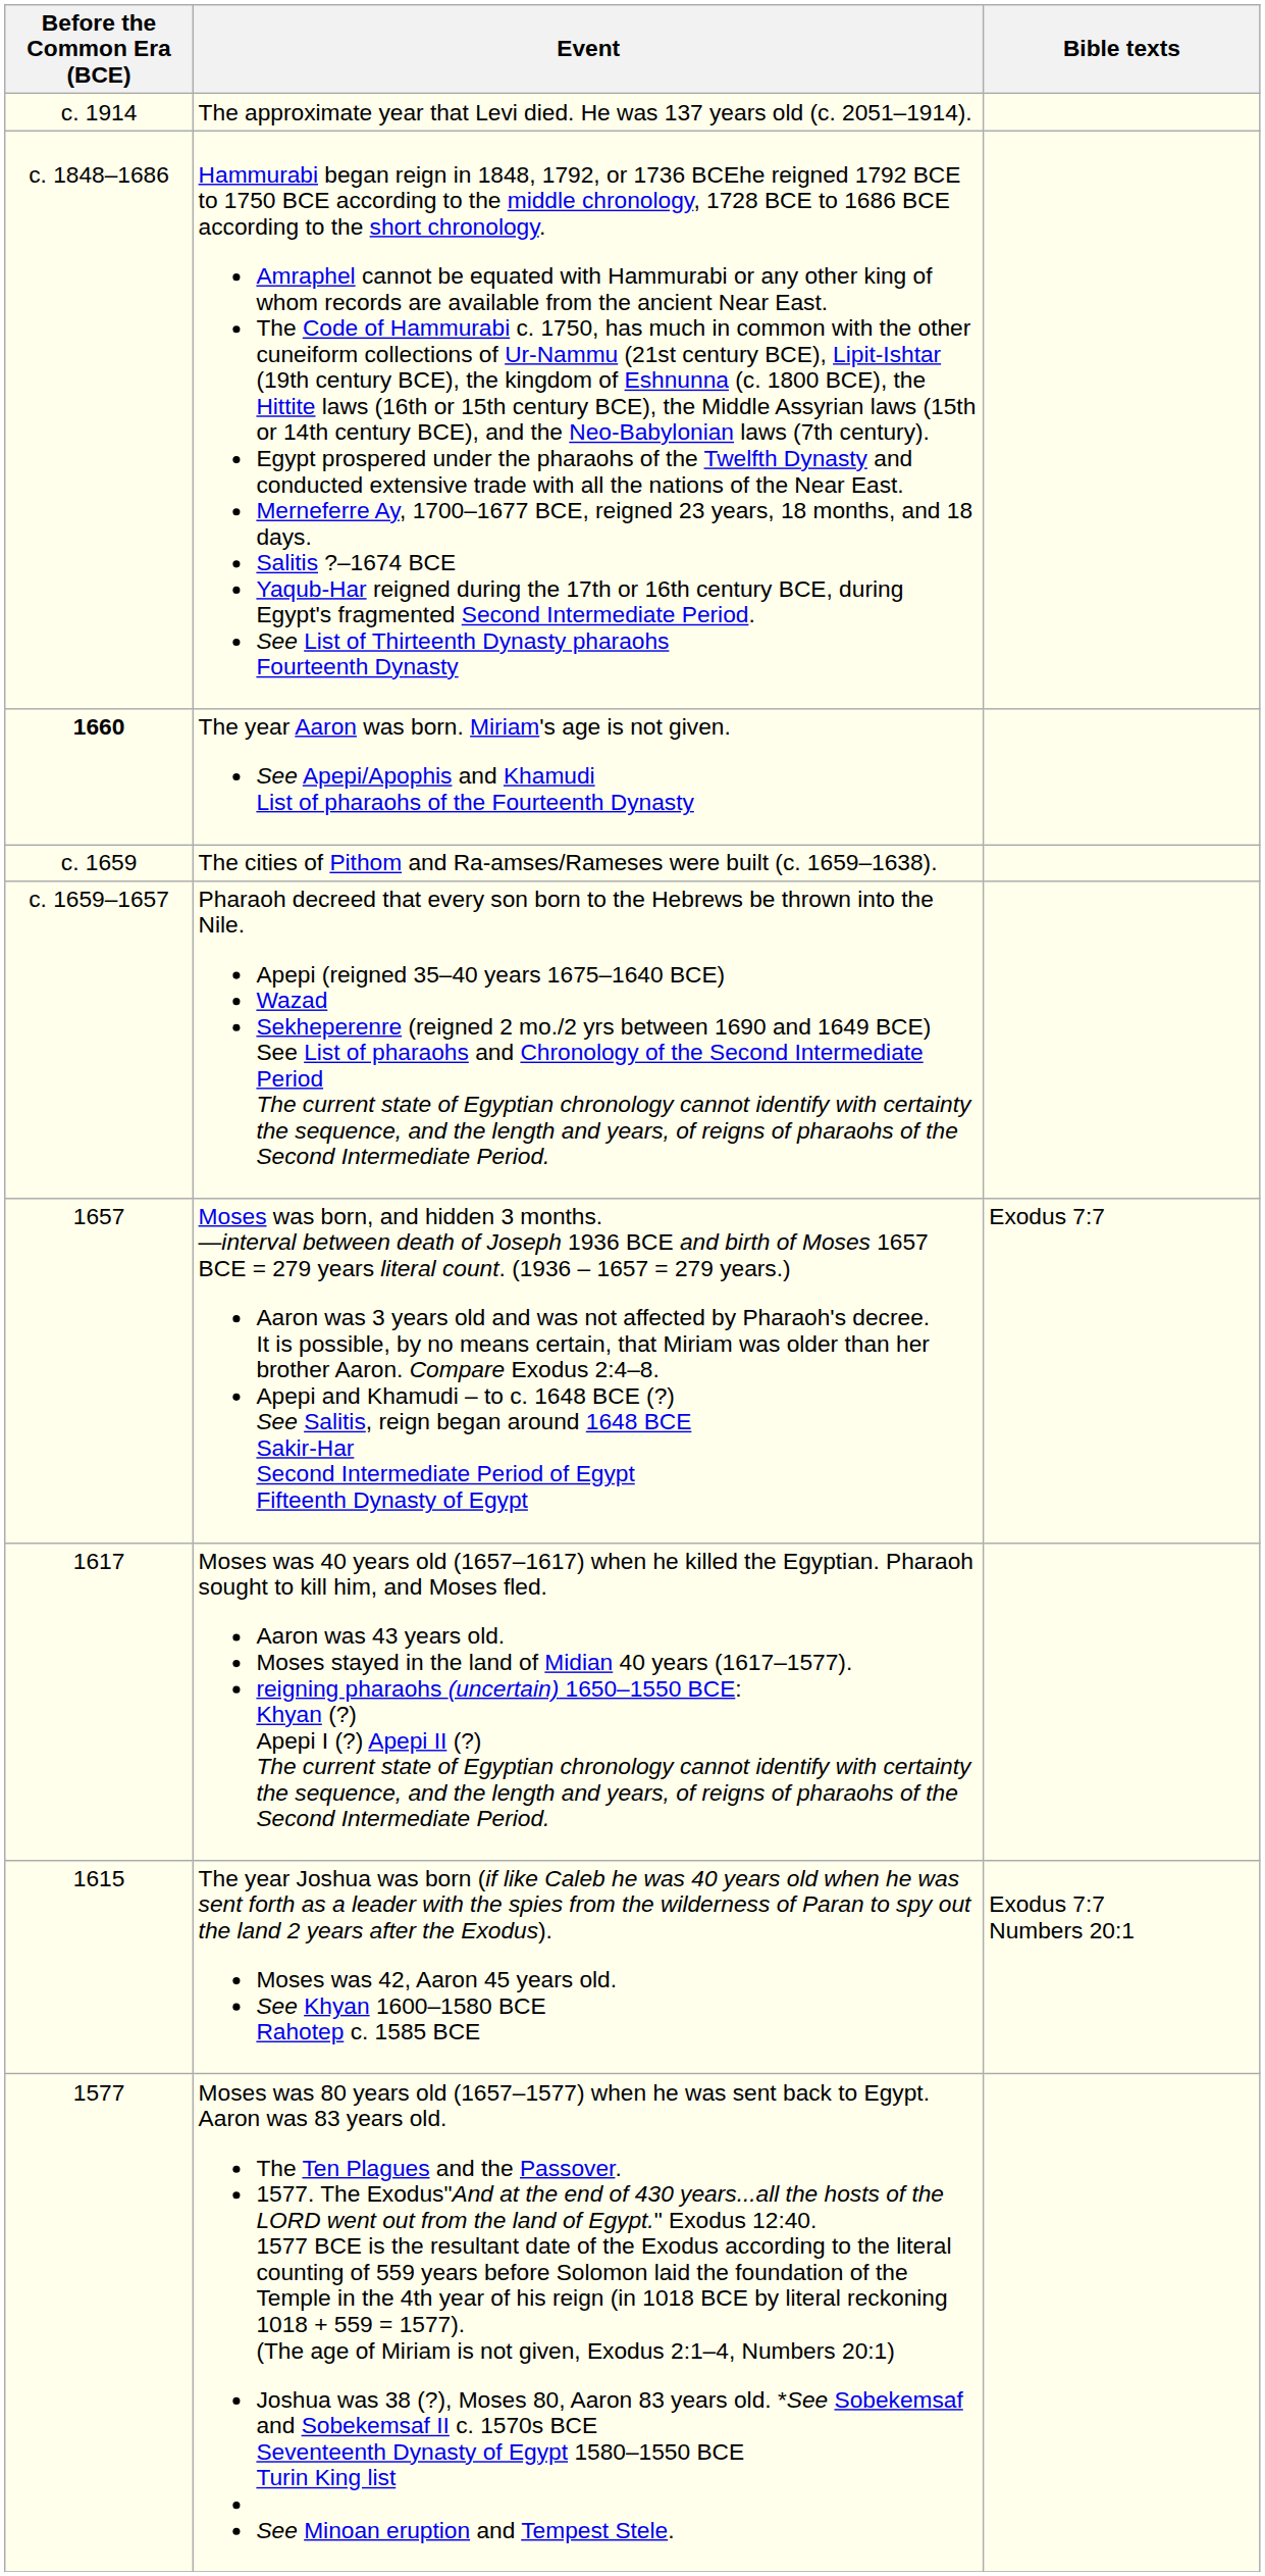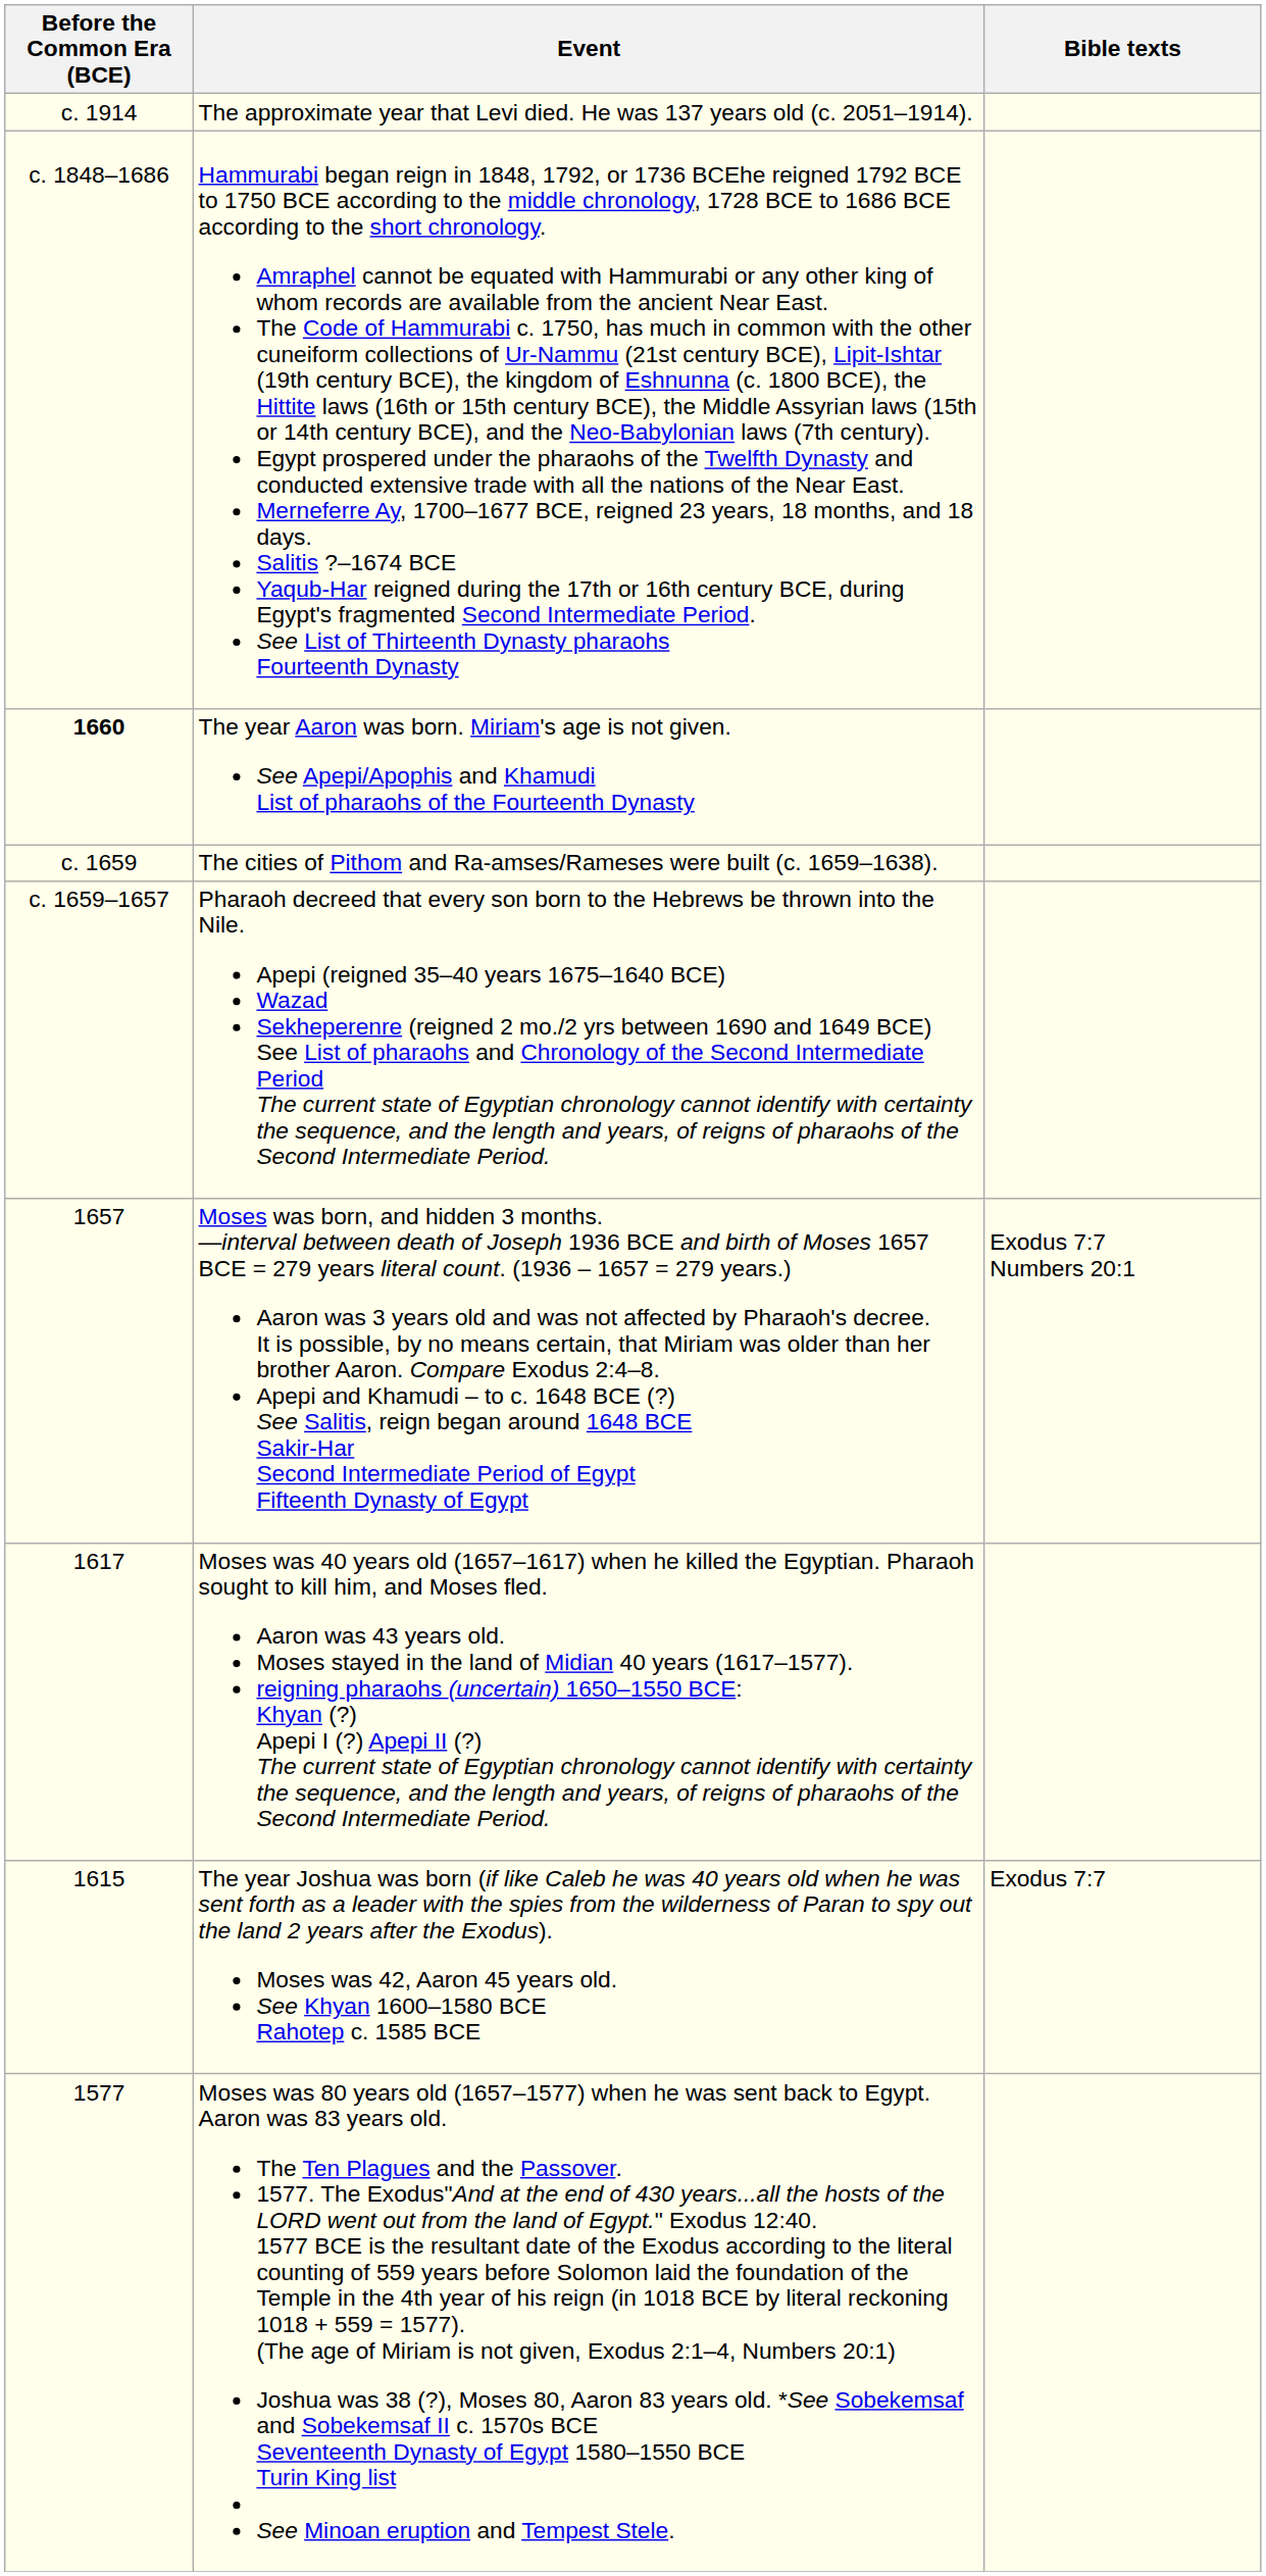 <table class="wikitable" style="align:center;">
 <tr>
 <th style="width:15%;">Before the Common Era<br>(BCE)</th>
 <th style="width:63%;">Event</th>
 <th style="width:22%;">Bible texts</th>
 </tr>
 <tr style="text-align:left; background:#ffffec; vertical-align:top;">
 <td style="text-align:center;">c. 1914</td>
 <td>The approximate year that Levi died. He was 137 years old (c. 2051–1914).</td>
 <td></td>
 </tr>
 <tr style="text-align:left; background:#ffffec; vertical-align:top;">
 <td style="text-align:center;"> <br> c. 1848–1686</td>
 <td> <br><a href='#'>Hammurabi</a> began reign in 1848, 1792, or 1736 BCEhe reigned 1792 BCE to 1750 BCE according to the <a href='#'>middle chronology</a>, 1728 BCE to 1686 BCE according to the <a href='#'>short chronology</a>.<br><ul><li><a href='#'>Amraphel</a> cannot be equated with Hammurabi or any other king of whom records are available from the ancient Near East.</li><li>The <a href='#'>Code of Hammurabi</a> c. 1750, has much in common with the other cuneiform collections of <a href='#'>Ur-Nammu</a> (21st century BCE), <a href='#'>Lipit-Ishtar</a> (19th century BCE), the kingdom of <a href='#'>Eshnunna</a> (c. 1800 BCE), the <a href='#'>Hittite</a> laws (16th or 15th century BCE), the Middle Assyrian laws (15th or 14th century BCE), and the <a href='#'>Neo-Babylonian</a> laws (7th century).</li><li>Egypt prospered under the pharaohs of the <a href='#'>Twelfth Dynasty</a> and conducted extensive trade with all the nations of the Near East.</li><li><a href='#'>Merneferre Ay</a>, 1700–1677 BCE, reigned 23 years, 18 months, and 18 days.</li><li><a href='#'>Salitis</a> ?–1674 BCE</li><li><a href='#'>Yaqub-Har</a> reigned during the 17th or 16th century BCE, during Egypt's fragmented <a href='#'>Second Intermediate Period</a>.</li><li><em>See</em> <a href='#'>List of Thirteenth Dynasty pharaohs</a> <br> <a href='#'>Fourteenth Dynasty</a></li></ul></td>
 <td> <br> </td>
 </tr>
 <tr style="text-align:left; background:#ffffec; vertical-align:top;">
 <td style="text-align:center;"><strong>1660</strong></td>
 <td>The year <a href='#'>Aaron</a> was born. <a href='#'>Miriam</a>'s age is not given.<br><ul><li><em>See</em> <a href='#'>Apepi/Apophis</a> and <a href='#'>Khamudi</a> <br> <a href='#'>List of pharaohs of the Fourteenth Dynasty</a></li></ul></td>
 <td> <br>  <br> </td>
 </tr>
 <tr style="text-align:left; background:#ffffec; vertical-align:top;">
 <td style="text-align:center;">c. 1659</td>
 <td>The cities of <a href='#'>Pithom</a> and Ra-amses/Rameses were built (c. 1659–1638).</td>
 <td></td>
 </tr>
 <tr style="text-align:left; background:#ffffec; vertical-align:top;">
 <td style="text-align:center;">c. 1659–1657 <br> </td>
 <td>Pharaoh decreed that every son born to the Hebrews be thrown into the Nile.<br><ul><li>Apepi (reigned 35–40 years 1675–1640 BCE)</li><li><a href='#'>Wazad</a></li><li><a href='#'>Sekheperenre</a> (reigned 2 mo./2 yrs between 1690 and 1649 BCE) <br> See <a href='#'>List of pharaohs</a> and <a href='#'>Chronology of the Second Intermediate Period</a> <br> <em>The current state of Egyptian chronology cannot identify with certainty the sequence, and the length and years, of reigns of pharaohs of the Second Intermediate Period.</em></li></ul></td>
 <td></td>
 </tr>
 <tr style="text-align:left; background:#ffffec; vertical-align:top;">
 <td style="text-align:center;">1657 <br> </td>
 <td><a href='#'>Moses</a> was born, and hidden 3 months. <br> —<em>interval between death of Joseph</em> 1936 BCE <em>and birth of Moses</em> 1657 BCE = 279 years <em>literal count</em>. (1936 – 1657 = 279 years.)<br><ul><li>Aaron was 3 years old and was not affected by Pharaoh's decree. <br> It is possible, by no means certain, that Miriam was older than her brother Aaron. <em>Compare</em> Exodus 2:4–8.</li><li>Apepi and Khamudi – to c. 1648 BCE (?) <br> <em>See</em> <a href='#'>Salitis</a>, reign began around <a href='#'>1648 BCE</a> <br> <a href='#'>Sakir-Har</a> <br> <a href='#'>Second Intermediate Period of Egypt</a> <br> <a href='#'>Fifteenth Dynasty of Egypt</a></li></ul></td>
-<td>Exodus 7:7 <br>  <br>  <br>  <br> </td>
+<td> <br> Exodus 7:7 <br> Numbers 20:1 <br> </td>
 </tr>
 <tr style="text-align:left; background:#ffffec; vertical-align:top;">
 <td style="text-align:center;">1617 <br> </td>
 <td>Moses was 40 years old (1657–1617) when he killed the Egyptian. Pharaoh sought to kill him, and Moses fled.<br><ul><li>Aaron was 43 years old.</li><li>Moses stayed in the land of <a href='#'>Midian</a> 40 years (1617–1577).</li><li><a href='#'>reigning pharaohs <em>(uncertain)</em> 1650–1550 BCE</a>: <br> <a href='#'>Khyan</a> (?)<br> Apepi I (?) <a href='#'>Apepi II</a> (?) <br><em>The current state of Egyptian chronology cannot identify with certainty the sequence, and the length and years, of reigns of pharaohs of the Second Intermediate Period.</em></li></ul></td>
 <td> <br> </td>
 </tr>
 <tr style="text-align:left; background:#ffffec; vertical-align:top;">
 <td style="text-align:center;">1615</td>
 <td>The year Joshua was born (<em>if like Caleb he was 40 years old when he was sent forth as a leader with the spies from the wilderness of Paran to spy out the land 2 years after the Exodus</em>).<br><ul><li>Moses was 42, Aaron 45 years old.</li><li><em>See</em> <a href='#'>Khyan</a> 1600–1580 BCE <br> <a href='#'>Rahotep</a> c. 1585 BCE</li></ul></td>
-<td> <br> Exodus 7:7 <br> Numbers 20:1 <br> </td>
+<td>Exodus 7:7 <br>  <br>  <br>  <br> </td>
 </tr>
 <tr style="text-align:left; background:#ffffec; vertical-align:top;">
 <td style="text-align:center;">1577 <br> </td>
 <td>Moses was 80 years old (1657–1577) when he was sent back to Egypt. <br> Aaron was 83 years old.<br><ul><li>The <a href='#'>Ten Plagues</a> and the <a href='#'>Passover</a>.</li><li>1577. The Exodus"<em>And at the end of 430 years...all the hosts of the LORD went out from the land of Egypt.</em>" Exodus 12:40. <br> 1577 BCE is the resultant date of the Exodus according to the literal counting of 559 years before Solomon laid the foundation of the Temple in the 4th year of his reign (in 1018 BCE by literal reckoning 1018 + 559 = 1577). <br> (The age of Miriam is not given, Exodus 2:1–4, Numbers 20:1)</li></ul><ul><li>Joshua was 38 (?), Moses 80, Aaron 83 years old. *<em>See</em> <a href='#'>Sobekemsaf</a> and <a href='#'>Sobekemsaf II</a> c. 1570s BCE <br> <a href='#'>Seventeenth Dynasty of Egypt</a> 1580–1550 BCE <br> <a href='#'>Turin King list</a></li><li></li><li><em>See</em> <a href='#'>Minoan eruption</a> and <a href='#'>Tempest Stele</a>.</li></ul></td>
 <td></td>
 </tr>
 </table>
